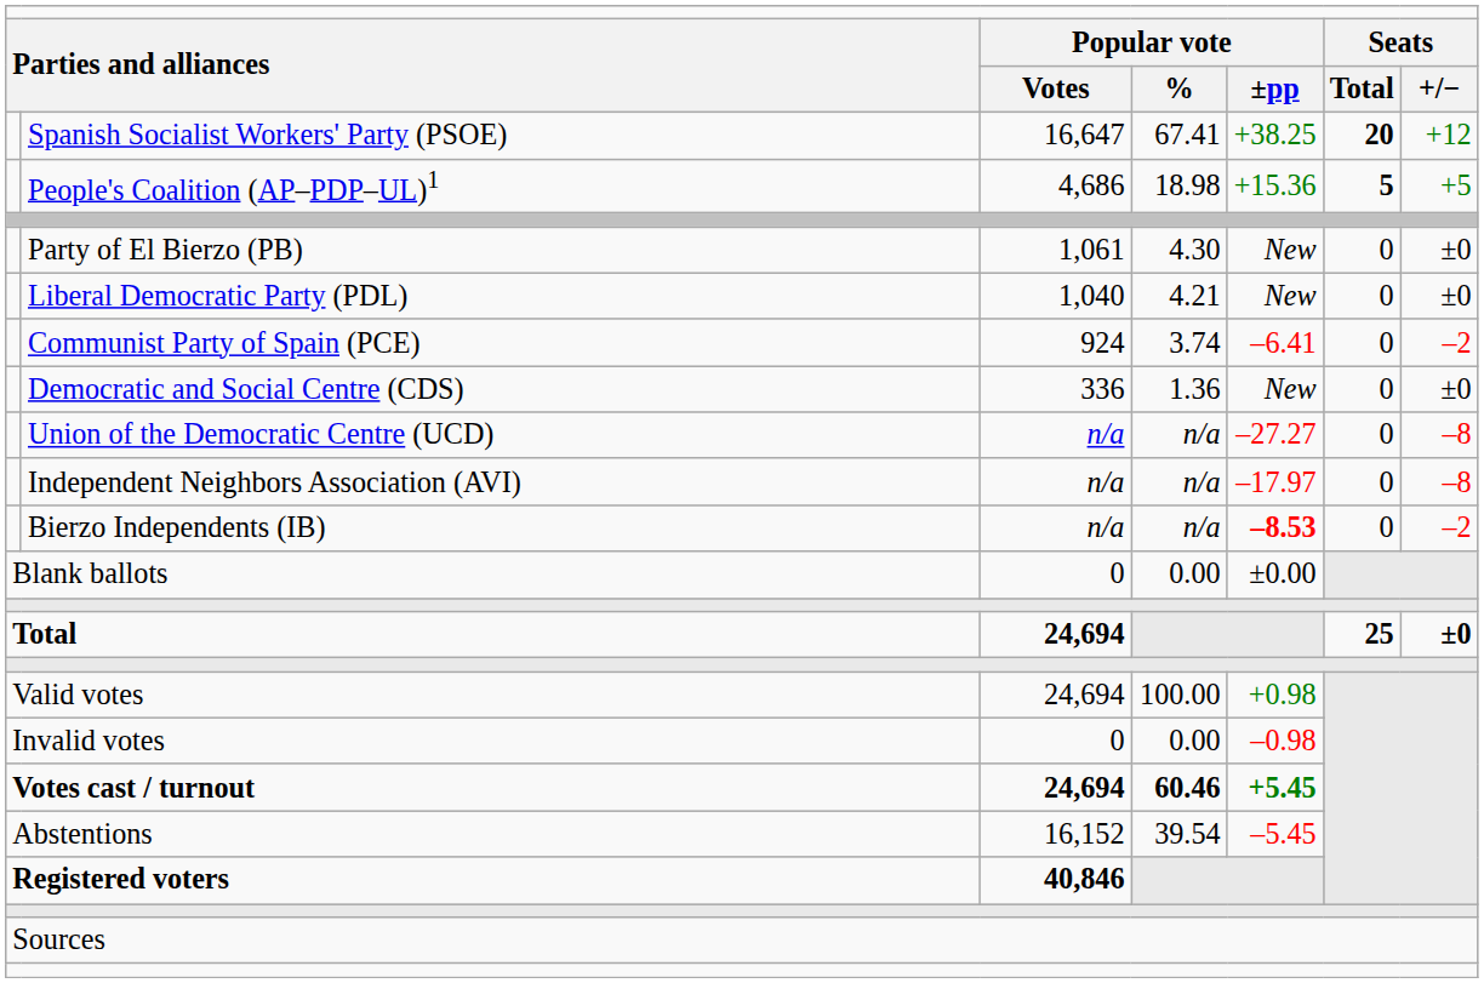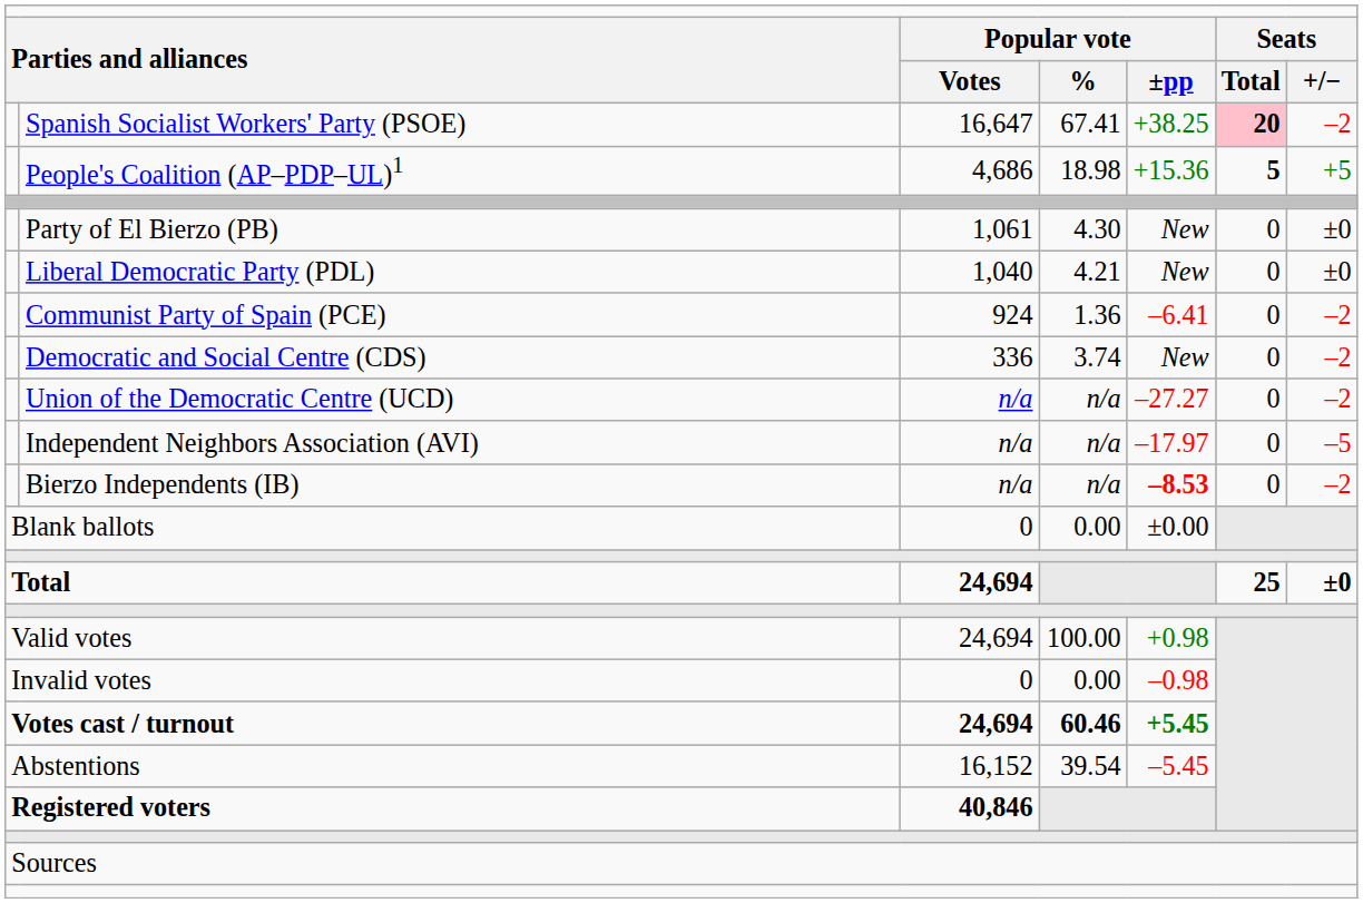 <table class="wikitable" style="text-align:right;">
 <tr>
 <td colspan="7"></td>
 </tr>
 <tr>
 <th style="text-align:left;" rowspan="2" colspan="2" width="525">Parties and alliances</th>
 <th colspan="3">Popular vote</th>
 <th colspan="2">Seats</th>
 </tr>
 <tr>
 <th width="75">Votes</th>
 <th width="45">%</th>
 <th width="45">±<a href='#'>pp</a></th>
 <th width="35">Total</th>
 <th width="35">+/−</th>
 </tr>
 <tr>
 <td width="1" style="color:inherit;background:"></td>
 <td align="left"><a href='#'>Spanish Socialist Workers' Party</a> (PSOE)</td>
 <td>16,647</td>
 <td>67.41</td>
 <td style="color:green;">+38.25</td>
-<td><strong>20</strong></td>
-<td style="color:green;">+12</td>
+<td style="background: pink;"><strong>20</strong></td>
+<td style="color:red;">–2</td>
 </tr>
 <tr>
 <td style="color:inherit;background:"></td>
 <td align="left"><a href='#'>People's Coalition</a> (<a href='#'>AP</a>–<a href='#'>PDP</a>–<a href='#'>UL</a>)<sup>1</sup></td>
 <td>4,686</td>
 <td>18.98</td>
 <td style="color:green;">+15.36</td>
 <td><strong>5</strong></td>
 <td style="color:green;">+5</td>
 </tr>
 <tr>
 <td colspan="7" bgcolor="#C0C0C0"></td>
 </tr>
 <tr>
 <td style="color:inherit;background:"></td>
 <td align="left">Party of El Bierzo (PB)</td>
 <td>1,061</td>
 <td>4.30</td>
 <td><em>New</em></td>
 <td>0</td>
 <td>±0</td>
 </tr>
 <tr>
 <td style="color:inherit;background:"></td>
 <td align="left"><a href='#'>Liberal Democratic Party</a> (PDL)</td>
 <td>1,040</td>
 <td>4.21</td>
 <td><em>New</em></td>
 <td>0</td>
 <td>±0</td>
 </tr>
 <tr>
 <td style="color:inherit;background:"></td>
 <td align="left"><a href='#'>Communist Party of Spain</a> (PCE)</td>
 <td>924</td>
-<td>3.74</td>
+<td>1.36</td>
 <td style="color:red;">–6.41</td>
 <td>0</td>
 <td style="color:red;">–2</td>
 </tr>
 <tr>
 <td style="color:inherit;background:"></td>
 <td align="left"><a href='#'>Democratic and Social Centre</a> (CDS)</td>
 <td>336</td>
-<td>1.36</td>
+<td>3.74</td>
 <td><em>New</em></td>
 <td>0</td>
-<td>±0</td>
+<td style="color:red;">–2</td>
 </tr>
 <tr>
 <td style="color:inherit;background:"></td>
 <td align="left"><a href='#'>Union of the Democratic Centre</a> (UCD)</td>
 <td><em><a href='#'>n/a</a></em></td>
 <td><em>n/a</em></td>
 <td style="color:red;">–27.27</td>
 <td>0</td>
-<td style="color:red;">–8</td>
+<td style="color:red;">–2</td>
 </tr>
 <tr>
 <td style="color:inherit;background:"></td>
 <td align="left">Independent Neighbors Association (AVI)</td>
 <td><em>n/a</em></td>
 <td><em>n/a</em></td>
 <td style="color:red;">–17.97</td>
 <td>0</td>
-<td style="color:red;">–8</td>
+<td style="color:red;">–5</td>
 </tr>
 <tr>
 <td style="color:inherit;background:"></td>
 <td align="left">Bierzo Independents (IB)</td>
 <td><em>n/a</em></td>
 <td><em>n/a</em></td>
 <td style="color:red;"><strong>–8.53</strong></td>
 <td>0</td>
 <td style="color:red;">–2</td>
 </tr>
 <tr>
 <td align="left" colspan="2">Blank ballots</td>
 <td>0</td>
 <td>0.00</td>
 <td>±0.00</td>
 <td bgcolor="#E9E9E9" colspan="2"></td>
 </tr>
 <tr>
 <td colspan="7" bgcolor="#E9E9E9"></td>
 </tr>
 <tr style="font-weight:bold;">
 <td align="left" colspan="2">Total</td>
 <td>24,694</td>
 <td bgcolor="#E9E9E9" colspan="2"></td>
 <td>25</td>
 <td>±0</td>
 </tr>
 <tr>
 <td colspan="7" bgcolor="#E9E9E9"></td>
 </tr>
 <tr>
 <td align="left" colspan="2">Valid votes</td>
 <td>24,694</td>
 <td>100.00</td>
 <td style="color:green;">+0.98</td>
 <td bgcolor="#E9E9E9" colspan="2" rowspan="5"></td>
 </tr>
 <tr>
 <td align="left" colspan="2">Invalid votes</td>
 <td>0</td>
 <td>0.00</td>
 <td style="color:red;">–0.98</td>
 </tr>
 <tr style="font-weight:bold;">
 <td align="left" colspan="2">Votes cast / turnout</td>
 <td>24,694</td>
 <td>60.46</td>
 <td style="color:green;">+5.45</td>
 </tr>
 <tr>
 <td align="left" colspan="2">Abstentions</td>
 <td>16,152</td>
 <td>39.54</td>
 <td style="color:red;">–5.45</td>
 </tr>
 <tr style="font-weight:bold;">
 <td align="left" colspan="2">Registered voters</td>
 <td>40,846</td>
 <td bgcolor="#E9E9E9" colspan="2"></td>
 </tr>
 <tr>
 <td colspan="7" bgcolor="#E9E9E9"></td>
 </tr>
 <tr>
 <td align="left" colspan="7">Sources</td>
 </tr>
 <tr>
 <td colspan="7" style="text-align:left; max-width:790px;"></td>
 </tr>
 </table>
